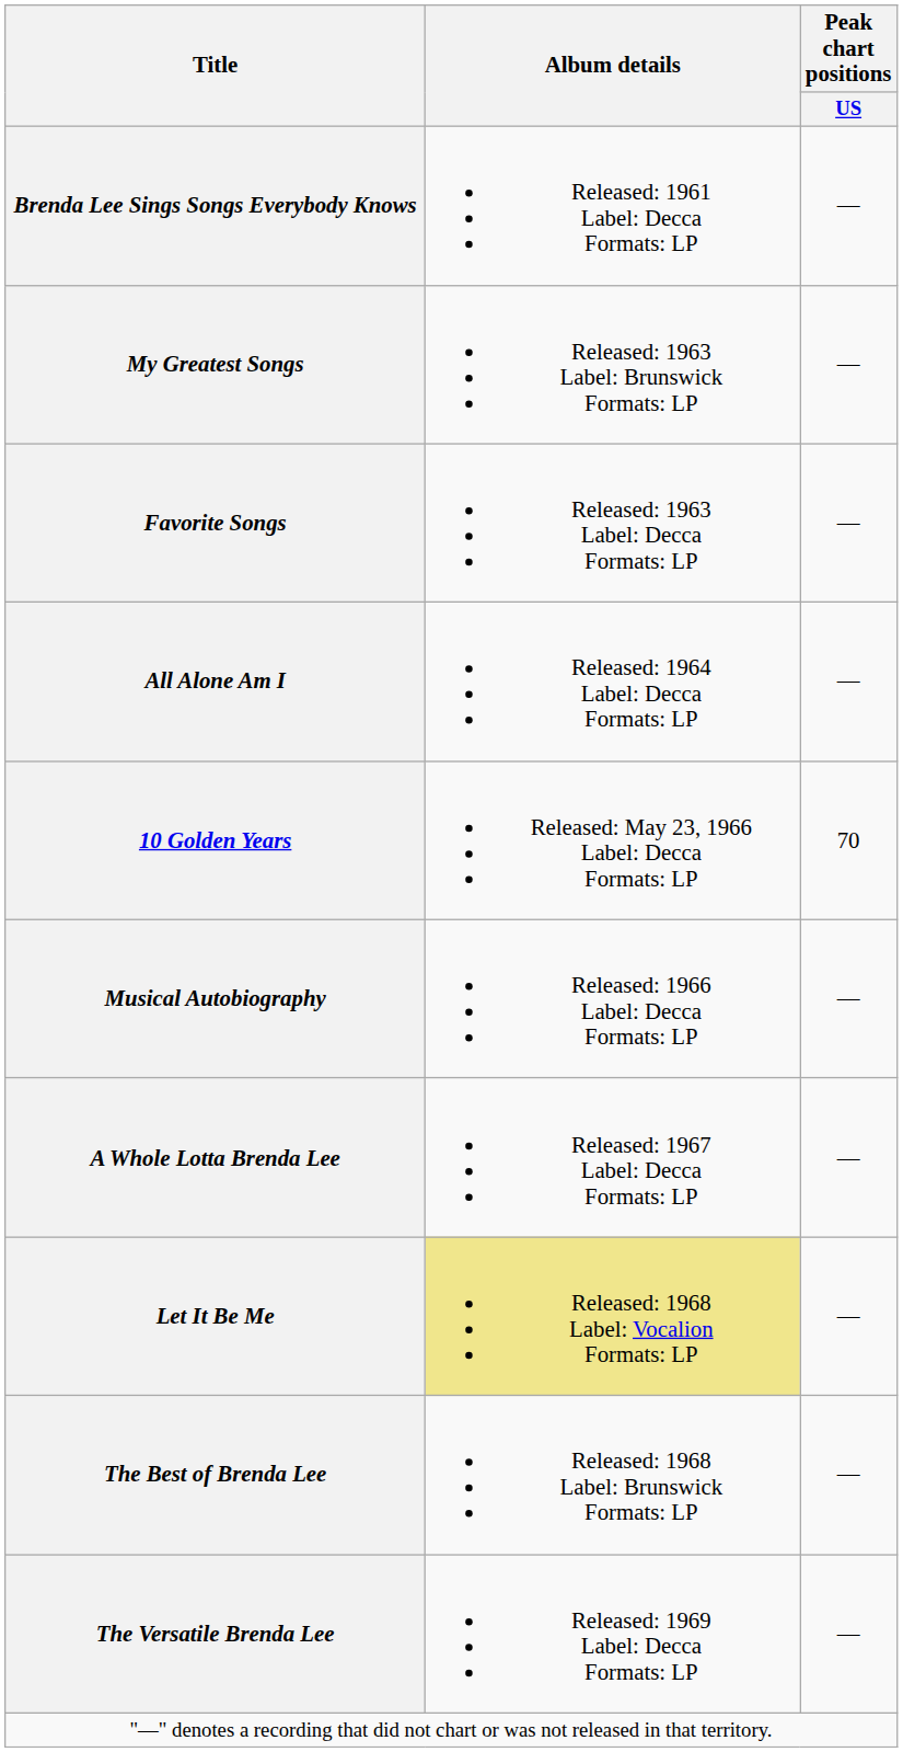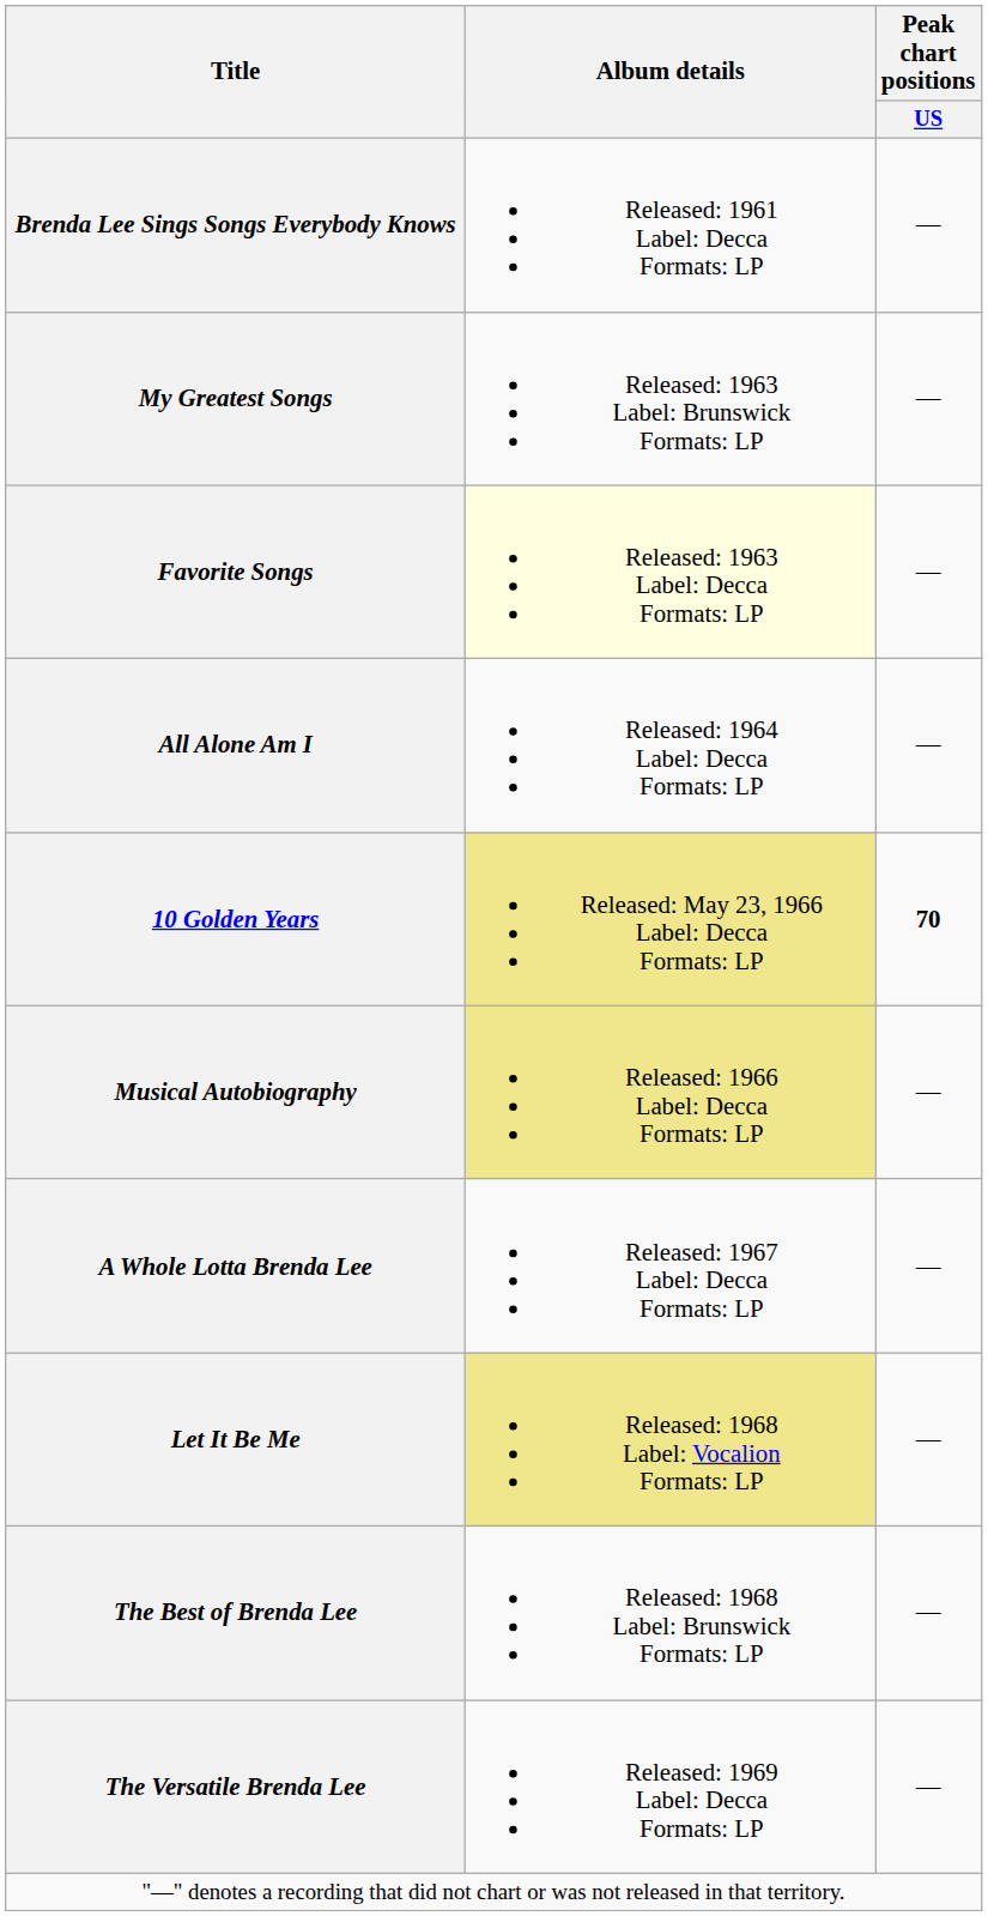 <table class="wikitable plainrowheaders" style="text-align:center;">
 <tr>
 <th scope="col" rowspan="2" style="width:18em;">Title</th>
 <th scope="col" rowspan="2" style="width:16em;">Album details</th>
 <th scope="col" colspan="1">Peak<br>chart<br>positions</th>
 </tr>
 <tr>
 <th scope="col" style="width:2em;font-size:90%;"><a href='#'>US</a><br></th>
 </tr>
 <tr>
 <th scope="row"><em>Brenda Lee Sings Songs Everybody Knows</em></th>
 <td><br><ul><li>Released: 1961</li><li>Label: Decca</li><li>Formats: LP</li></ul></td>
 <td>—</td>
 </tr>
 <tr>
 <th scope="row"><em>My Greatest Songs</em></th>
 <td><br><ul><li>Released: 1963</li><li>Label: Brunswick</li><li>Formats: LP</li></ul></td>
 <td>—</td>
 </tr>
 <tr>
 <th scope="row"><em>Favorite Songs</em></th>
-<td><br><ul><li>Released: 1963</li><li>Label: Decca</li><li>Formats: LP</li></ul></td>
+<td style="background: lightyellow;"><br><ul><li>Released: 1963</li><li>Label: Decca</li><li>Formats: LP</li></ul></td>
 <td>—</td>
 </tr>
 <tr>
 <th scope="row"><em>All Alone Am I</em></th>
 <td><br><ul><li>Released: 1964</li><li>Label: Decca</li><li>Formats: LP</li></ul></td>
 <td>—</td>
 </tr>
 <tr>
 <th scope="row"><em><a href='#'>10 Golden Years</a></em></th>
-<td><br><ul><li>Released: May 23, 1966</li><li>Label: Decca</li><li>Formats: LP</li></ul></td>
-<td>70</td>
+<td style="background: khaki;"><br><ul><li>Released: May 23, 1966</li><li>Label: Decca</li><li>Formats: LP</li></ul></td>
+<td><strong>70</strong></td>
 </tr>
 <tr>
 <th scope="row"><em>Musical Autobiography</em></th>
-<td><br><ul><li>Released: 1966</li><li>Label: Decca</li><li>Formats: LP</li></ul></td>
+<td style="background: khaki;"><br><ul><li>Released: 1966</li><li>Label: Decca</li><li>Formats: LP</li></ul></td>
 <td>—</td>
 </tr>
 <tr>
 <th scope="row"><em>A Whole Lotta Brenda Lee</em></th>
 <td><br><ul><li>Released: 1967</li><li>Label: Decca</li><li>Formats: LP</li></ul></td>
 <td>—</td>
 </tr>
 <tr>
 <th scope="row"><em>Let It Be Me</em></th>
 <td style="background: khaki;"><br><ul><li>Released: 1968</li><li>Label: <a href='#'>Vocalion</a></li><li>Formats: LP</li></ul></td>
 <td>—</td>
 </tr>
 <tr>
 <th scope="row"><em>The Best of Brenda Lee</em></th>
 <td><br><ul><li>Released: 1968</li><li>Label: Brunswick</li><li>Formats: LP</li></ul></td>
 <td>—</td>
 </tr>
 <tr>
 <th scope="row"><em>The Versatile Brenda Lee</em></th>
 <td><br><ul><li>Released: 1969</li><li>Label: Decca</li><li>Formats: LP</li></ul></td>
 <td>—</td>
 </tr>
 <tr>
 <td colspan="3" style="font-size:90%">"—" denotes a recording that did not chart or was not released in that territory.</td>
 </tr>
 </table>
